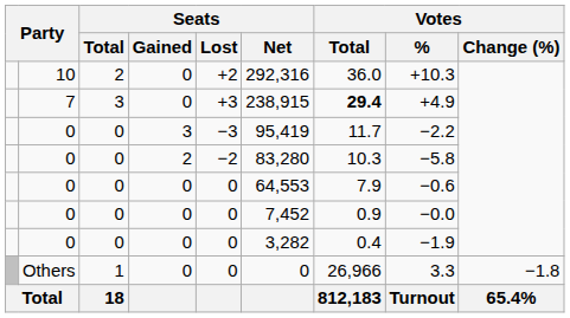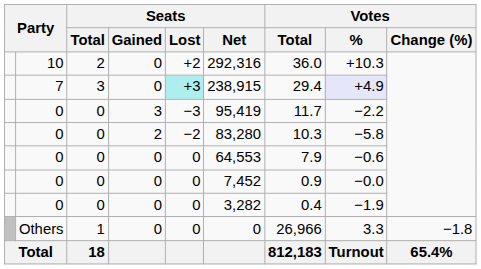 <table class="wikitable" style="text-align:right;">
 <tr>
 <th colspan="2" rowspan="2">Party</th>
 <th colspan="4">Seats</th>
 <th colspan="3">Votes</th>
 </tr>
 <tr>
 <th>Total</th>
 <th>Gained</th>
 <th>Lost</th>
 <th>Net</th>
 <th>Total</th>
 <th>%</th>
 <th>Change (%)</th>
 </tr>
 <tr>
 <td></td>
 <td>10</td>
 <td>2</td>
 <td>0</td>
 <td>+2</td>
 <td>292,316</td>
 <td>36.0</td>
 <td>+10.3</td>
 </tr>
 <tr>
 <td></td>
 <td>7</td>
 <td>3</td>
 <td>0</td>
-<td>+3</td>
+<td style="background: paleturquoise;">+3</td>
 <td>238,915</td>
-<td><strong>29.4</strong></td>
-<td>+4.9</td>
+<td>29.4</td>
+<td style="background: lavender;">+4.9</td>
 </tr>
 <tr>
 <td></td>
 <td>0</td>
 <td>0</td>
 <td>3</td>
 <td>−3</td>
 <td>95,419</td>
 <td>11.7</td>
 <td>−2.2</td>
 </tr>
 <tr>
 <td></td>
 <td>0</td>
 <td>0</td>
 <td>2</td>
 <td>−2</td>
 <td>83,280</td>
 <td>10.3</td>
 <td>−5.8</td>
 </tr>
 <tr>
 <td></td>
 <td>0</td>
 <td>0</td>
 <td>0</td>
 <td>0</td>
 <td>64,553</td>
 <td>7.9</td>
 <td>−0.6</td>
 </tr>
 <tr>
 <td></td>
 <td>0</td>
 <td>0</td>
 <td>0</td>
 <td>0</td>
 <td>7,452</td>
 <td>0.9</td>
 <td>−0.0</td>
 </tr>
 <tr>
 <td></td>
 <td>0</td>
 <td>0</td>
 <td>0</td>
 <td>0</td>
 <td>3,282</td>
 <td>0.4</td>
 <td>−1.9</td>
 </tr>
 <tr>
 <td style="background:silver;"> </td>
 <td align=left>Others</td>
 <td>1</td>
 <td>0</td>
 <td>0</td>
 <td>0</td>
 <td>26,966</td>
 <td>3.3</td>
 <td>−1.8</td>
 </tr>
 <tr>
 <th colspan="2">Total</th>
 <th style="text-align: right;">18</th>
 <th style="text-align: right;"></th>
 <th style="text-align: right;"></th>
 <th></th>
 <th>812,183</th>
 <th>Turnout</th>
 <th>65.4%</th>
 </tr>
 </table>
